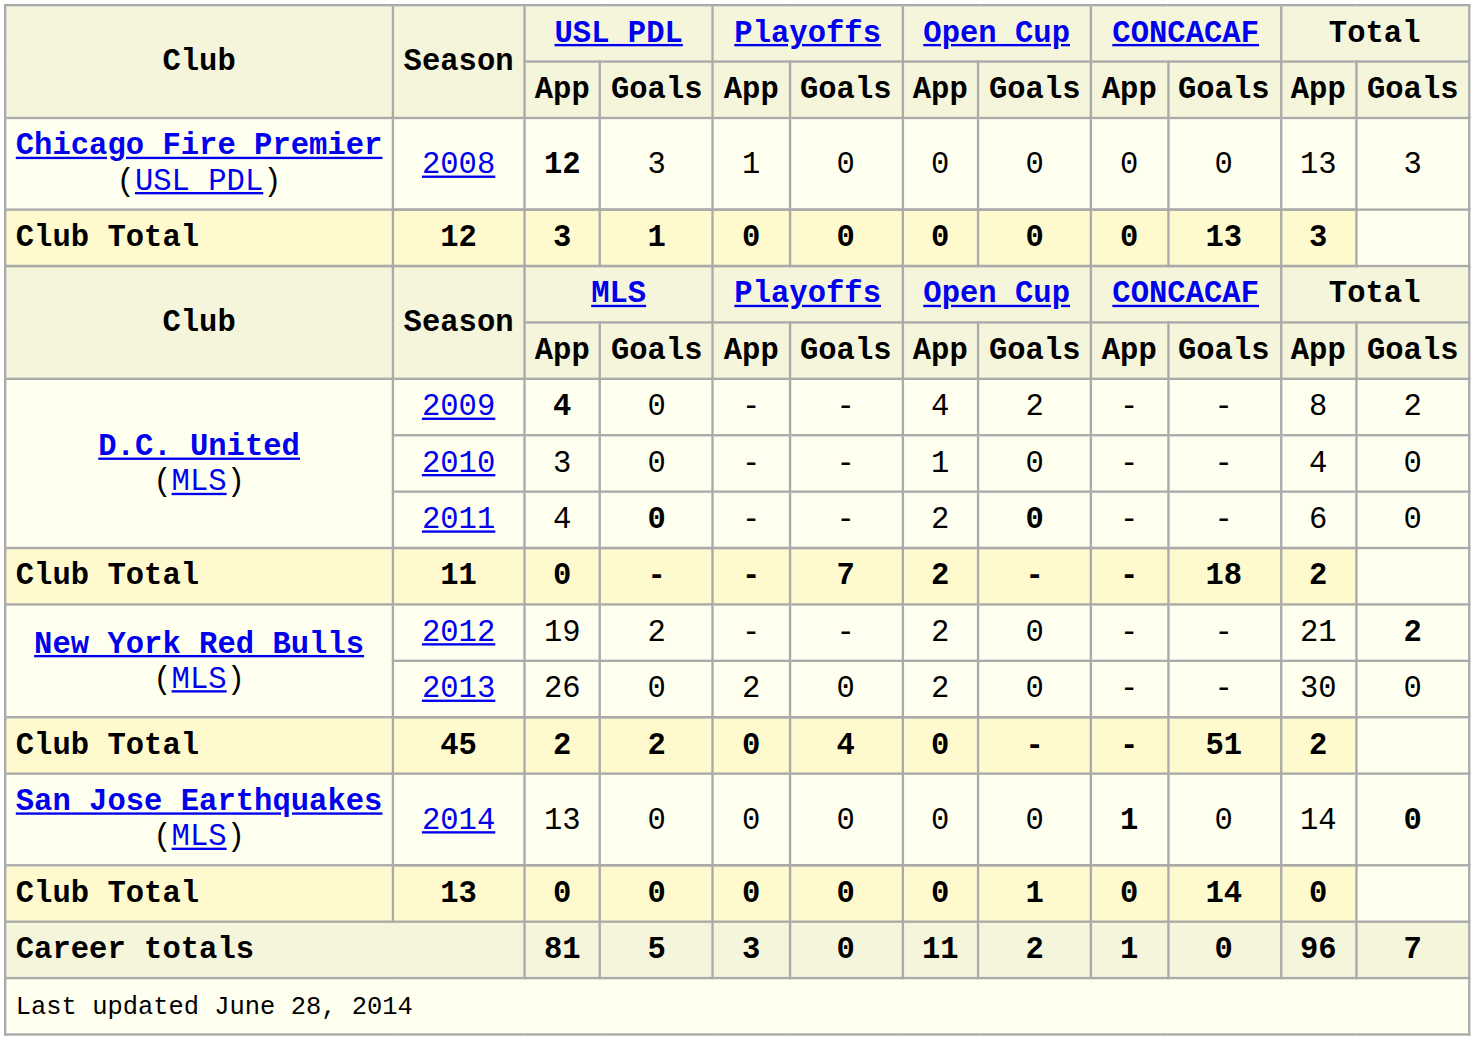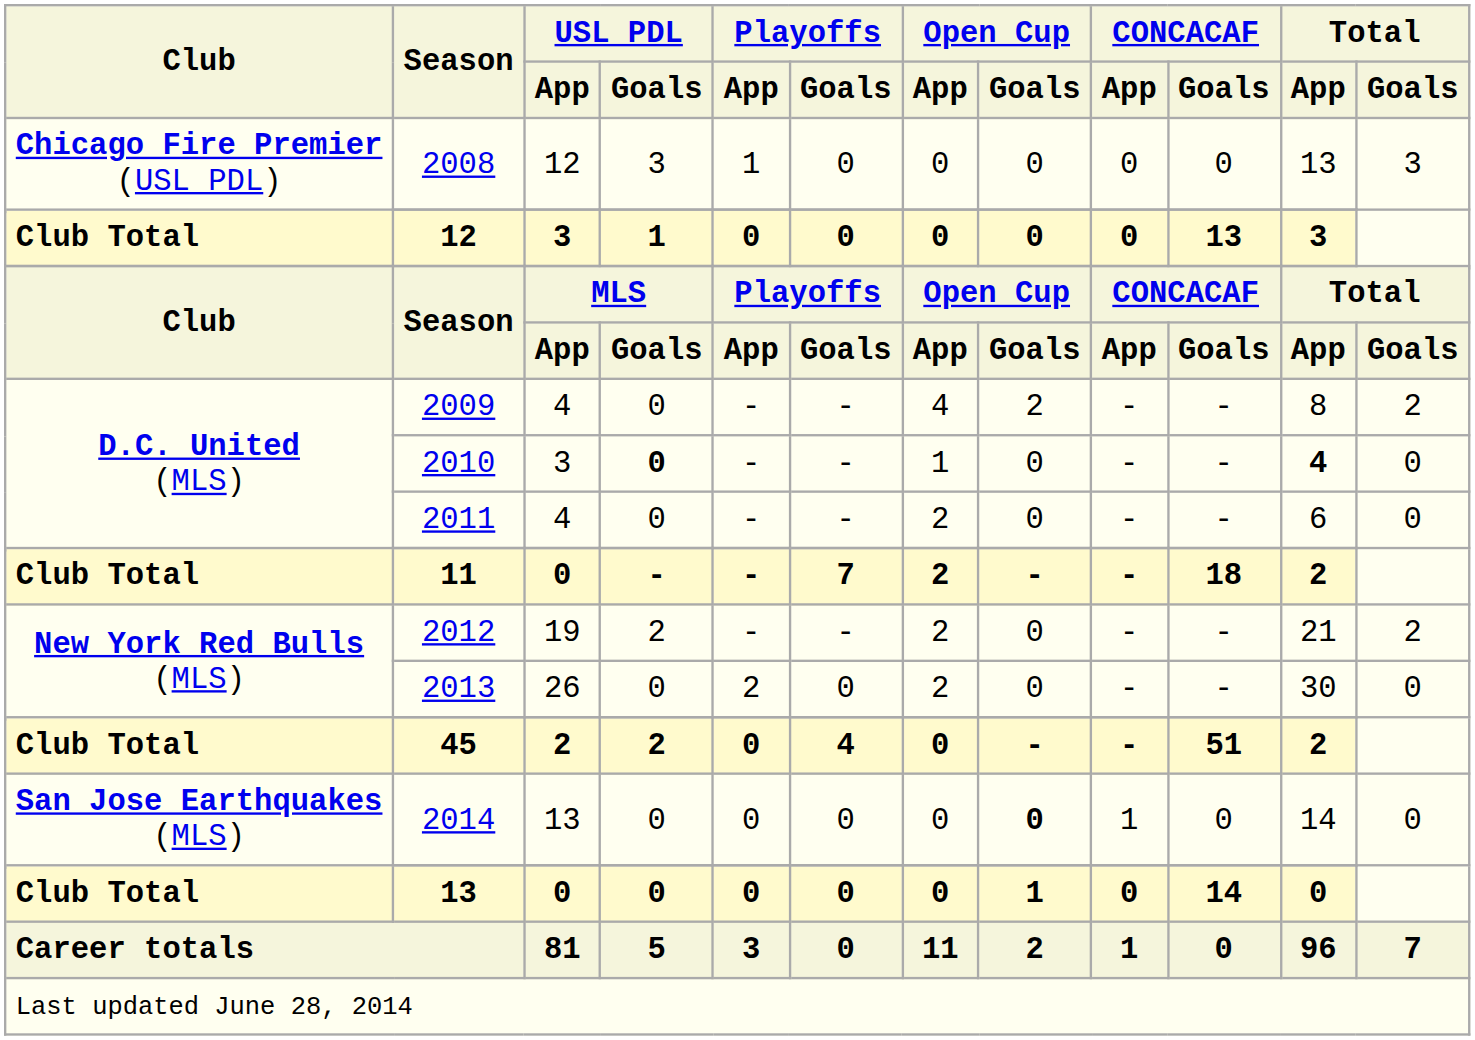 <table border=1 align=center cellpadding=4 cellspacing=2 style="background: ivory; border: 1px #aaaaaa solid; border-collapse: collapse; clear:center">
 <tr style="background:beige">
 <th rowspan="2">Club</th>
 <th rowspan="2">Season</th>
 <th colspan="2"><a href='#'>USL PDL</a></th>
 <th colspan="2"><a href='#'>Playoffs</a></th>
 <th colspan="2"><a href='#'>Open Cup</a></th>
 <th colspan="2"><a href='#'>CONCACAF</a></th>
 <th colspan="2">Total</th>
 </tr>
 <tr style="background:beige">
 <th>App</th>
 <th>Goals</th>
 <th>App</th>
 <th>Goals</th>
 <th>App</th>
 <th>Goals</th>
 <th>App</th>
 <th>Goals</th>
 <th>App</th>
 <th>Goals</th>
 </tr>
 <tr>
 <td rowspan="2" align=center valign=center><strong><a href='#'>Chicago Fire Premier</a></strong><br>(<a href='#'>USL PDL</a>)</td>
 <td align="center"><a href='#'>2008</a></td>
-<td align="center"><strong>12</strong></td>
+<td align="center">12</td>
 <td align="center">3</td>
 <td align="center">1</td>
 <td align="center">0</td>
 <td align="center">0</td>
 <td align="center">0</td>
 <td align="center">0</td>
 <td align="center">0</td>
 <td align="center">13</td>
 <td align="center">3</td>
 </tr>
 <tr>
 </tr>
 <tr style="background:lemonchiffon">
 <th colspan="1" align="left">Club Total</th>
 <th>12</th>
 <th>3</th>
 <th>1</th>
 <th>0</th>
 <th>0</th>
 <th>0</th>
 <th>0</th>
 <th>0</th>
 <th>13</th>
 <th>3</th>
 </tr>
 <tr>
 </tr>
 <tr style="background:beige">
 <th rowspan="2">Club</th>
 <th rowspan="2">Season</th>
 <th colspan="2"><a href='#'>MLS</a></th>
 <th colspan="2"><a href='#'>Playoffs</a></th>
 <th colspan="2"><a href='#'>Open Cup</a></th>
 <th colspan="2"><a href='#'>CONCACAF</a></th>
 <th colspan="2">Total</th>
 </tr>
 <tr style="background:beige">
 <th>App</th>
 <th>Goals</th>
 <th>App</th>
 <th>Goals</th>
 <th>App</th>
 <th>Goals</th>
 <th>App</th>
 <th>Goals</th>
 <th>App</th>
 <th>Goals</th>
 </tr>
 <tr>
 <td rowspan="4" align=center valign=center><strong><a href='#'>D.C. United</a></strong><br>(<a href='#'>MLS</a>)</td>
 <td align="center"><a href='#'>2009</a></td>
-<td align="center"><strong>4</strong></td>
+<td align="center">4</td>
 <td align="center">0</td>
 <td align="center">-</td>
 <td align="center">-</td>
 <td align="center">4</td>
 <td align="center">2</td>
 <td align="center">-</td>
 <td align="center">-</td>
 <td align="center">8</td>
 <td align="center">2</td>
 </tr>
 <tr>
 <td align="center"><a href='#'>2010</a></td>
 <td align="center">3</td>
-<td align="center">0</td>
+<td align="center"><strong>0</strong></td>
 <td align="center">-</td>
 <td align="center">-</td>
 <td align="center">1</td>
 <td align="center">0</td>
 <td align="center">-</td>
 <td align="center">-</td>
-<td align="center">4</td>
+<td align="center"><strong>4</strong></td>
 <td align="center">0</td>
 </tr>
 <tr>
 <td align="center"><a href='#'>2011</a></td>
 <td align="center">4</td>
-<td align="center"><strong>0</strong></td>
+<td align="center">0</td>
 <td align="center">-</td>
 <td align="center">-</td>
 <td align="center">2</td>
-<td align="center"><strong>0</strong></td>
+<td align="center">0</td>
 <td align="center">-</td>
 <td align="center">-</td>
 <td align="center">6</td>
 <td align="center">0</td>
 </tr>
 <tr>
 </tr>
 <tr style="background:lemonchiffon">
 <th colspan="1" align="left">Club Total</th>
 <th>11</th>
 <th>0</th>
 <th>-</th>
 <th>-</th>
 <th>7</th>
 <th>2</th>
 <th>-</th>
 <th>-</th>
 <th>18</th>
 <th>2</th>
 </tr>
 <tr>
 <td rowspan="3" align=center valign=center><strong><a href='#'>New York Red Bulls</a></strong><br>(<a href='#'>MLS</a>)</td>
 <td align="center"><a href='#'>2012</a></td>
 <td align="center">19</td>
 <td align="center">2</td>
 <td align="center">-</td>
 <td align="center">-</td>
 <td align="center">2</td>
 <td align="center">0</td>
 <td align="center">-</td>
 <td align="center">-</td>
 <td align="center">21</td>
-<td align="center"><strong>2</strong></td>
+<td align="center">2</td>
 </tr>
 <tr>
 <td align="center"><a href='#'>2013</a></td>
 <td align="center">26</td>
 <td align="center">0</td>
 <td align="center">2</td>
 <td align="center">0</td>
 <td align="center">2</td>
 <td align="center">0</td>
 <td align="center">-</td>
 <td align="center">-</td>
 <td align="center">30</td>
 <td align="center">0</td>
 </tr>
 <tr>
 </tr>
 <tr style="background:lemonchiffon">
 <th colspan="1" align="left">Club Total</th>
 <th>45</th>
 <th>2</th>
 <th>2</th>
 <th>0</th>
 <th>4</th>
 <th>0</th>
 <th>-</th>
 <th>-</th>
 <th>51</th>
 <th>2</th>
 </tr>
 <tr>
 <td rowspan="2" align=center valign=center><strong><a href='#'>San Jose Earthquakes</a></strong><br>(<a href='#'>MLS</a>)</td>
 <td align="center"><a href='#'>2014</a></td>
 <td align="center">13</td>
 <td align="center">0</td>
 <td align="center">0</td>
 <td align="center">0</td>
 <td align="center">0</td>
-<td align="center">0</td>
-<td align="center"><strong>1</strong></td>
+<td align="center"><strong>0</strong></td>
+<td align="center">1</td>
 <td align="center">0</td>
 <td align="center">14</td>
-<td align="center"><strong>0</strong></td>
+<td align="center">0</td>
 </tr>
 <tr>
 </tr>
 <tr style="background:lemonchiffon">
 <th colspan="1" align="left">Club Total</th>
 <th>13</th>
 <th>0</th>
 <th>0</th>
 <th>0</th>
 <th>0</th>
 <th>0</th>
 <th>1</th>
 <th>0</th>
 <th>14</th>
 <th>0</th>
 </tr>
 <tr>
 <th style="background:beige" colspan="2" align="left">Career totals</th>
 <th align=center style="background:beige">81</th>
 <th align=center style="background:beige">5</th>
 <th align=center style="background:beige">3</th>
 <th align=center style="background:beige">0</th>
 <th align=center style="background:beige">11</th>
 <th align=center style="background:beige">2</th>
 <th align=center style="background:beige">1</th>
 <th align=center style="background:beige">0</th>
 <th align=center style="background:beige">96</th>
 <th align=center style="background:beige">7</th>
 </tr>
 <tr>
 <td colspan="12"><small>Last updated June 28, 2014</small></td>
 </tr>
 </table>
